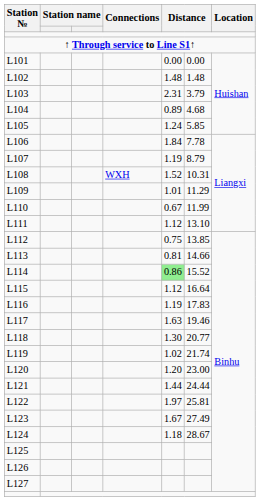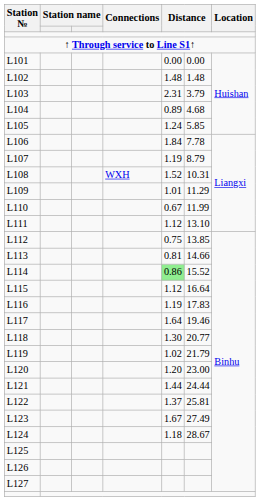 <table class="wikitable">
 <tr>
 <th rowspan="2">Station<br>№</th>
 <th colspan="2">Station name</th>
 <th rowspan="2">Connections</th>
 <th colspan="2" rowspan="2">Distance<br></th>
 <th rowspan="2">Location</th>
 </tr>
 <tr>
 <th></th>
 <th></th>
 </tr>
 <tr style="background:#">
 <td colspan="7"></td>
 </tr>
 <tr>
 <td style="text-align:center" colspan="7"><strong>↑ <a href='#'>Through service</a> to <a href='#'>Line S1</a>↑</strong></td>
 </tr>
 <tr>
 <td>L101</td>
 <td></td>
 <td></td>
 <td></td>
 <td>0.00</td>
 <td>0.00</td>
 <td rowspan="5"><a href='#'>Huishan</a></td>
 </tr>
 <tr>
 <td>L102</td>
 <td></td>
 <td></td>
 <td></td>
 <td>1.48</td>
 <td>1.48</td>
 </tr>
 <tr>
 <td>L103</td>
 <td></td>
 <td></td>
 <td></td>
 <td>2.31</td>
 <td>3.79</td>
 </tr>
 <tr>
 <td>L104</td>
 <td></td>
 <td></td>
 <td></td>
 <td>0.89</td>
 <td>4.68</td>
 </tr>
 <tr>
 <td>L105</td>
 <td></td>
 <td></td>
 <td></td>
 <td>1.24</td>
 <td>5.85</td>
 </tr>
 <tr>
 <td>L106</td>
 <td></td>
 <td></td>
 <td></td>
 <td>1.84</td>
 <td>7.78</td>
 <td rowspan="6"><a href='#'>Liangxi</a></td>
 </tr>
 <tr>
 <td>L107</td>
 <td></td>
 <td></td>
 <td></td>
 <td>1.19</td>
 <td>8.79</td>
 </tr>
 <tr>
 <td>L108</td>
 <td></td>
 <td></td>
 <td>  <a href='#'>WXH</a></td>
 <td>1.52</td>
 <td>10.31</td>
 </tr>
 <tr>
 <td>L109</td>
 <td></td>
 <td></td>
 <td></td>
 <td>1.01</td>
 <td>11.29</td>
 </tr>
 <tr>
 <td>L110</td>
 <td></td>
 <td></td>
 <td></td>
 <td>0.67</td>
 <td>11.99</td>
 </tr>
 <tr>
 <td>L111</td>
 <td></td>
 <td></td>
 <td></td>
 <td>1.12</td>
 <td>13.10</td>
 </tr>
 <tr>
 <td>L112</td>
 <td></td>
 <td></td>
 <td></td>
 <td>0.75</td>
 <td>13.85</td>
 <td rowspan="16"><a href='#'>Binhu</a></td>
 </tr>
 <tr>
 <td>L113</td>
 <td></td>
 <td></td>
 <td></td>
 <td>0.81</td>
 <td>14.66</td>
 </tr>
 <tr>
 <td>L114</td>
 <td></td>
 <td></td>
 <td></td>
 <td style="background: lightgreen;">0.86</td>
 <td>15.52</td>
 </tr>
 <tr>
 <td>L115</td>
 <td></td>
 <td></td>
 <td></td>
 <td>1.12</td>
 <td>16.64</td>
 </tr>
 <tr>
 <td>L116</td>
 <td></td>
 <td></td>
 <td></td>
 <td>1.19</td>
 <td>17.83</td>
 </tr>
 <tr>
 <td>L117</td>
 <td></td>
 <td></td>
 <td></td>
-<td>1.63</td>
+<td>1.64</td>
 <td>19.46</td>
 </tr>
 <tr>
 <td>L118</td>
 <td></td>
 <td></td>
 <td></td>
 <td>1.30</td>
 <td>20.77</td>
 </tr>
 <tr>
 <td>L119</td>
 <td></td>
 <td></td>
 <td></td>
 <td>1.02</td>
-<td>21.74</td>
+<td>21.79</td>
 </tr>
 <tr>
 <td>L120</td>
 <td></td>
 <td></td>
 <td></td>
 <td>1.20</td>
 <td>23.00</td>
 </tr>
 <tr>
 <td>L121</td>
 <td></td>
 <td></td>
 <td></td>
 <td>1.44</td>
 <td>24.44</td>
 </tr>
 <tr>
 <td>L122</td>
 <td></td>
 <td></td>
 <td></td>
-<td>1.97</td>
+<td>1.37</td>
 <td>25.81</td>
 </tr>
 <tr>
 <td>L123</td>
 <td></td>
 <td></td>
 <td></td>
 <td>1.67</td>
 <td>27.49</td>
 </tr>
 <tr>
 <td>L124</td>
 <td></td>
 <td></td>
 <td></td>
 <td>1.18</td>
 <td>28.67</td>
 </tr>
 <tr>
 <td>L125</td>
 <td></td>
 <td></td>
 <td></td>
 <td></td>
 <td></td>
 </tr>
 <tr>
 <td>L126</td>
 <td></td>
 <td></td>
 <td></td>
 <td></td>
 <td></td>
 </tr>
 <tr>
 <td>L127</td>
 <td></td>
 <td></td>
 <td></td>
 <td></td>
 <td></td>
 </tr>
 <tr style="background:#">
 <td></td>
 <td colspan = "6"></td>
 </tr>
 </table>
